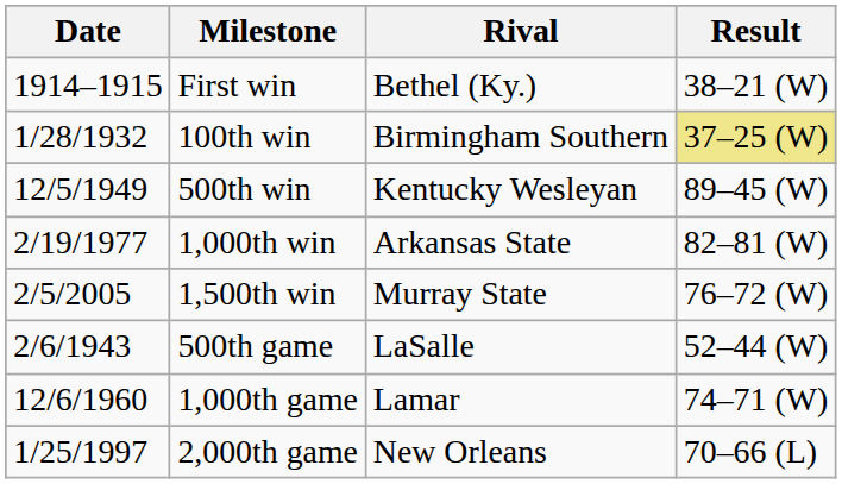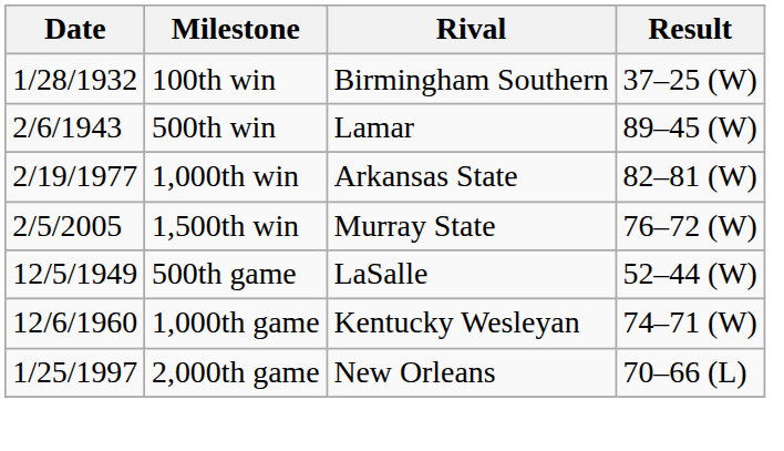 <table class= "wikitable">
 <tr>
 <th width=px>Date</th>
 <th width=px>Milestone</th>
 <th width=px>Rival</th>
 <th width=px>Result</th>
 </tr>
 <tr>
-<td>1914–1915</td>
-<td>First win</td>
-<td>Bethel (Ky.)</td>
-<td>38–21 (W)</td>
-</tr>
-<tr>
 <td>1/28/1932</td>
 <td>100th win</td>
 <td>Birmingham Southern</td>
-<td style="background: khaki;">37–25 (W)</td>
+<td>37–25 (W)</td>
 </tr>
 <tr>
-<td>12/5/1949</td>
+<td>2/6/1943</td>
 <td>500th win</td>
-<td>Kentucky Wesleyan</td>
+<td>Lamar</td>
 <td>89–45 (W)</td>
 </tr>
 <tr>
 <td>2/19/1977</td>
 <td>1,000th win</td>
 <td>Arkansas State</td>
 <td>82–81 (W)</td>
 </tr>
 <tr>
 <td>2/5/2005</td>
 <td>1,500th win</td>
 <td>Murray State</td>
 <td>76–72 (W)</td>
 </tr>
 <tr>
-<td>2/6/1943</td>
+<td>12/5/1949</td>
 <td>500th game</td>
 <td>LaSalle</td>
 <td>52–44 (W)</td>
 </tr>
 <tr>
 <td>12/6/1960</td>
 <td>1,000th game</td>
-<td>Lamar</td>
+<td>Kentucky Wesleyan</td>
 <td>74–71 (W)</td>
 </tr>
 <tr>
 <td>1/25/1997</td>
 <td>2,000th game</td>
 <td>New Orleans</td>
 <td>70–66 (L)</td>
 </tr>
 </table>
